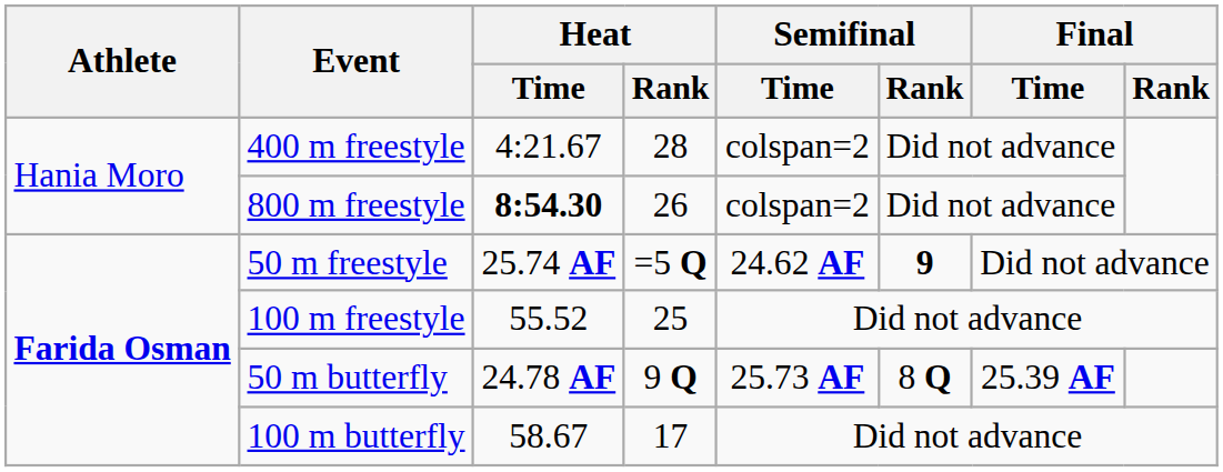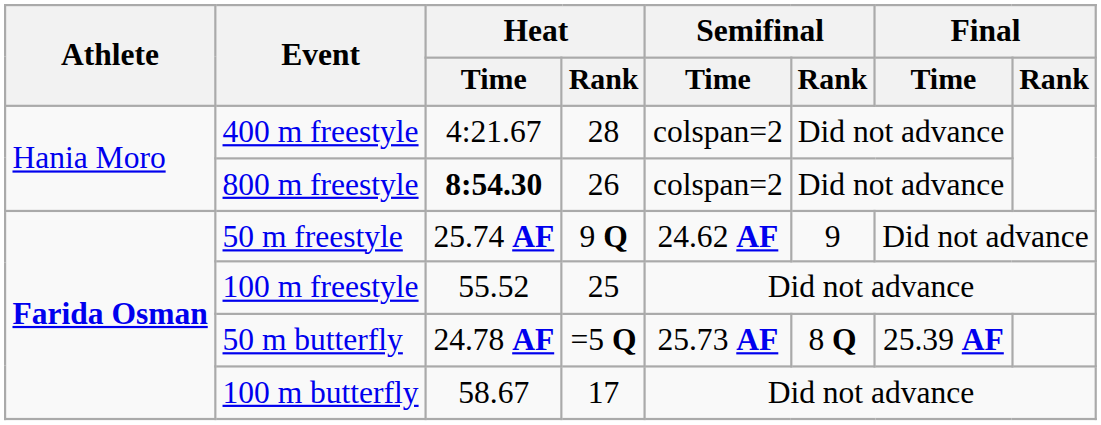 <table class=wikitable style="font-size:90%">
 <tr>
 <th rowspan="2">Athlete</th>
 <th rowspan="2">Event</th>
 <th colspan="2">Heat</th>
 <th colspan="2">Semifinal</th>
 <th colspan="2">Final</th>
 </tr>
 <tr style="font-size:95%">
 <th>Time</th>
 <th>Rank</th>
 <th>Time</th>
 <th>Rank</th>
 <th>Time</th>
 <th>Rank</th>
 </tr>
 <tr align=center>
 <td align=left rowspan=2><a href='#'>Hania Moro</a></td>
 <td align=left><a href='#'>400 m freestyle</a></td>
 <td>4:21.67</td>
 <td>28</td>
 <td>colspan=2 </td>
 <td colspan=2>Did not advance</td>
 </tr>
 <tr align=center>
 <td align=left><a href='#'>800 m freestyle</a></td>
 <td><strong>8:54.30</strong></td>
 <td>26</td>
 <td>colspan=2 </td>
 <td colspan=2>Did not advance</td>
 </tr>
 <tr align=center>
 <td align=left rowspan=4><strong><a href='#'>Farida Osman</a></strong></td>
 <td align=left><a href='#'>50 m freestyle</a></td>
 <td>25.74 <strong><a href='#'>AF</a></strong></td>
-<td>=5 <strong>Q</strong></td>
+<td>9 <strong>Q</strong></td>
 <td>24.62 <strong><a href='#'>AF</a></strong></td>
-<td><strong>9</strong></td>
+<td>9</td>
 <td colspan=2>Did not advance</td>
 </tr>
 <tr align=center>
 <td align=left><a href='#'>100 m freestyle</a></td>
 <td>55.52</td>
 <td>25</td>
 <td colspan=4>Did not advance</td>
 </tr>
 <tr align=center>
 <td align=left><a href='#'>50 m butterfly</a></td>
 <td>24.78 <strong><a href='#'>AF</a></strong></td>
-<td>9 <strong>Q</strong></td>
+<td>=5 <strong>Q</strong></td>
 <td>25.73 <strong><a href='#'>AF</a></strong></td>
 <td>8 <strong>Q</strong></td>
 <td>25.39 <strong><a href='#'>AF</a></strong></td>
 <td></td>
 </tr>
 <tr align=center>
 <td align=left><a href='#'>100 m butterfly</a></td>
 <td>58.67</td>
 <td>17</td>
 <td colspan=4>Did not advance</td>
 </tr>
 </table>
